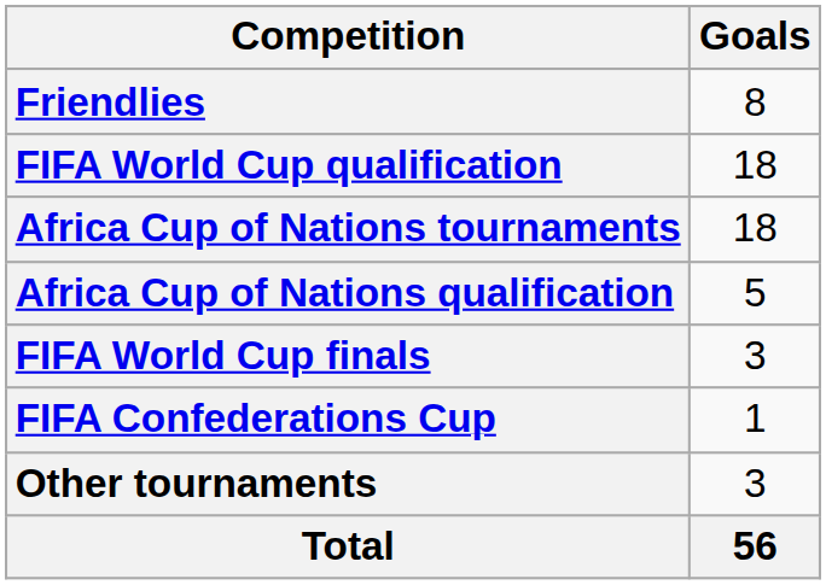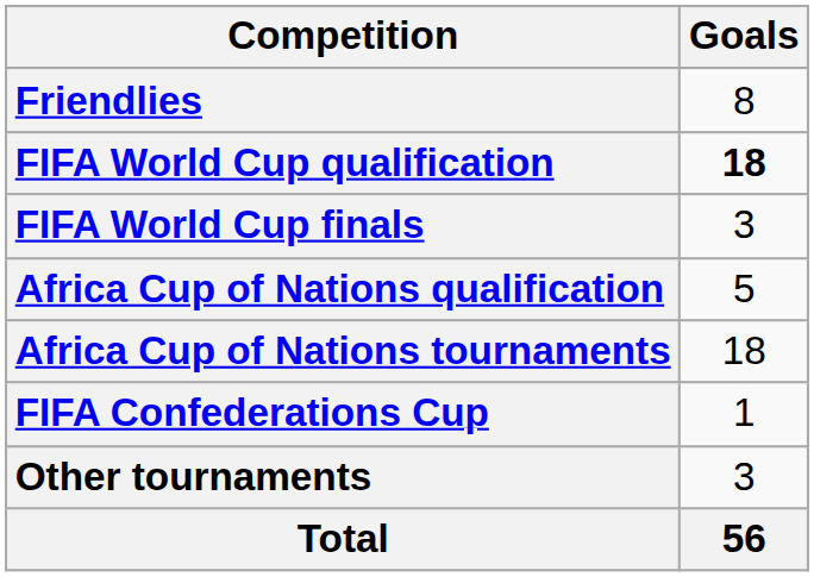 <table class="wikitable sortable plainrowheaders" style="text-align:center">
 <tr>
 <th scope=col>Competition</th>
 <th scope=col>Goals</th>
 </tr>
 <tr>
 <th style="text-align:left" scope=row><a href='#'>Friendlies</a></th>
 <td>8</td>
 </tr>
 <tr>
 <th style="text-align:left" scope=row><a href='#'>FIFA World Cup qualification</a></th>
-<td>18</td>
+<td><strong>18</strong></td>
 </tr>
 <tr>
-<th style="text-algin:left" scope=row><a href='#'>Africa Cup of Nations tournaments</a></th>
-<td>18</td>
+<th style="text-align:left" scope=row><a href='#'>FIFA World Cup finals</a></th>
+<td>3</td>
 </tr>
 <tr>
 <th style="text-align:left" scope=row><a href='#'>Africa Cup of Nations qualification</a></th>
 <td>5</td>
 </tr>
 <tr>
-<th style="text-align:left" scope=row><a href='#'>FIFA World Cup finals</a></th>
-<td>3</td>
+<th style="text-algin:left" scope=row><a href='#'>Africa Cup of Nations tournaments</a></th>
+<td>18</td>
 </tr>
 <tr>
 <th style="text-align:left" scope=row><a href='#'>FIFA Confederations Cup</a></th>
 <td>1</td>
 </tr>
 <tr>
 <th style="text-align:left" scope=row>Other tournaments</th>
 <td>3</td>
 </tr>
 <tr>
 <th>Total</th>
 <th>56</th>
 </tr>
 </table>
